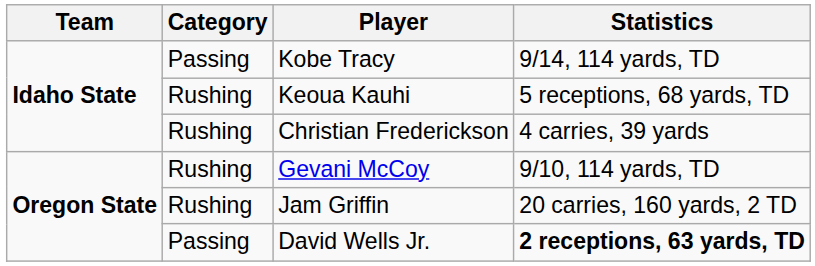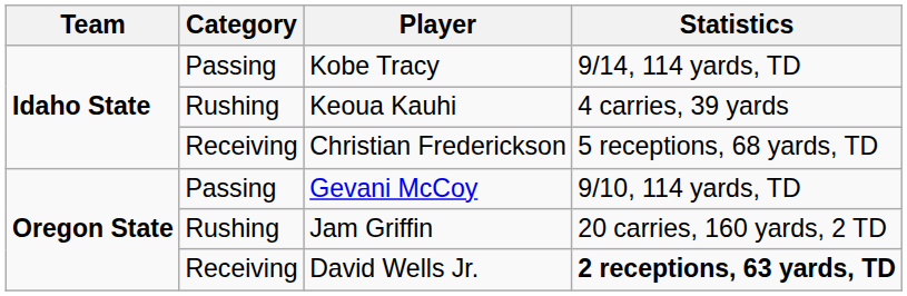 <table class="wikitable" style="float:right">
 <tr>
 <th>Team</th>
 <th>Category</th>
 <th>Player</th>
 <th>Statistics</th>
 </tr>
 <tr>
 <td rowspan="3"><strong>Idaho State</strong></td>
 <td>Passing</td>
 <td>Kobe Tracy</td>
 <td>9/14, 114 yards, TD</td>
 </tr>
 <tr>
 <td>Rushing</td>
 <td>Keoua Kauhi</td>
+<td>4 carries, 39 yards</td>
+</tr>
+<tr>
+<td>Receiving</td>
+<td>Christian Frederickson</td>
 <td>5 receptions, 68 yards, TD</td>
 </tr>
 <tr>
-<td>Rushing</td>
-<td>Christian Frederickson</td>
-<td>4 carries, 39 yards</td>
-</tr>
-<tr>
 <td rowspan="3"><strong>Oregon State</strong></td>
-<td>Rushing</td>
+<td>Passing</td>
 <td><a href='#'>Gevani McCoy</a></td>
 <td>9/10, 114 yards, TD</td>
 </tr>
 <tr>
 <td>Rushing</td>
 <td>Jam Griffin</td>
 <td>20 carries, 160 yards, 2 TD</td>
 </tr>
 <tr>
-<td>Passing</td>
+<td>Receiving</td>
 <td>David Wells Jr.</td>
 <td><strong>2 receptions, 63 yards, TD</strong></td>
 </tr>
 </table>
